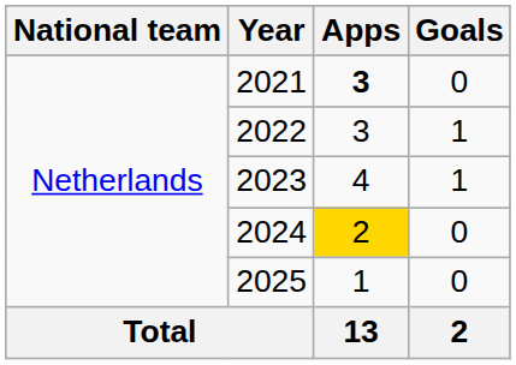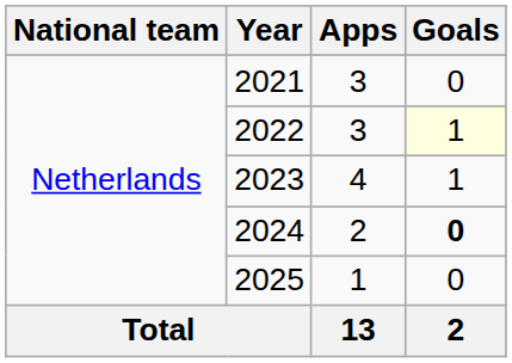 <table class="wikitable" style="text-align: center;">
 <tr>
 <th>National team</th>
 <th>Year</th>
 <th>Apps</th>
 <th>Goals</th>
 </tr>
 <tr>
 <td rowspan="5"><a href='#'>Netherlands</a></td>
 <td>2021</td>
-<td><strong>3</strong></td>
+<td>3</td>
 <td>0</td>
 </tr>
 <tr>
 <td>2022</td>
 <td>3</td>
-<td>1</td>
+<td style="background: lightyellow;">1</td>
 </tr>
 <tr>
 <td>2023</td>
 <td>4</td>
 <td>1</td>
 </tr>
 <tr>
 <td>2024</td>
-<td style="background: gold;">2</td>
-<td>0</td>
+<td>2</td>
+<td><strong>0</strong></td>
 </tr>
 <tr>
 <td>2025</td>
 <td>1</td>
 <td>0</td>
 </tr>
 <tr>
 <th colspan="2">Total</th>
 <th>13</th>
 <th>2</th>
 </tr>
 </table>
